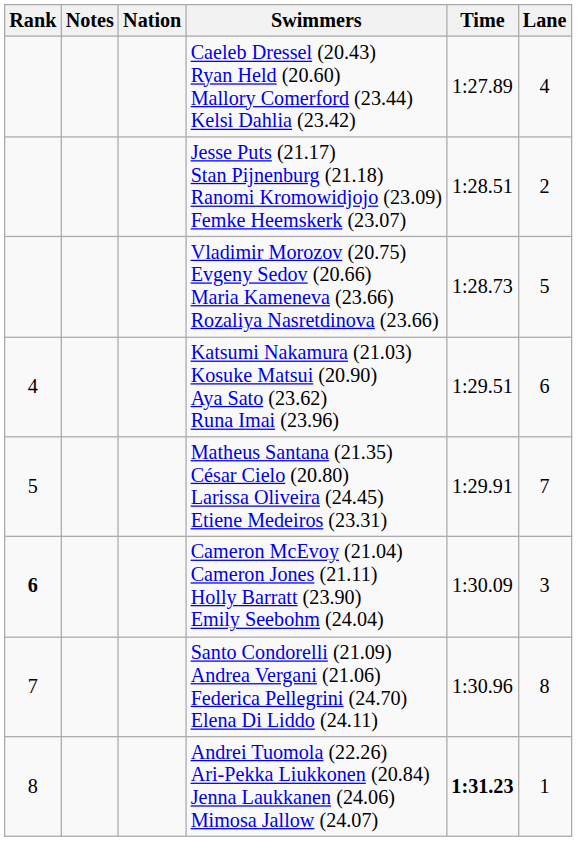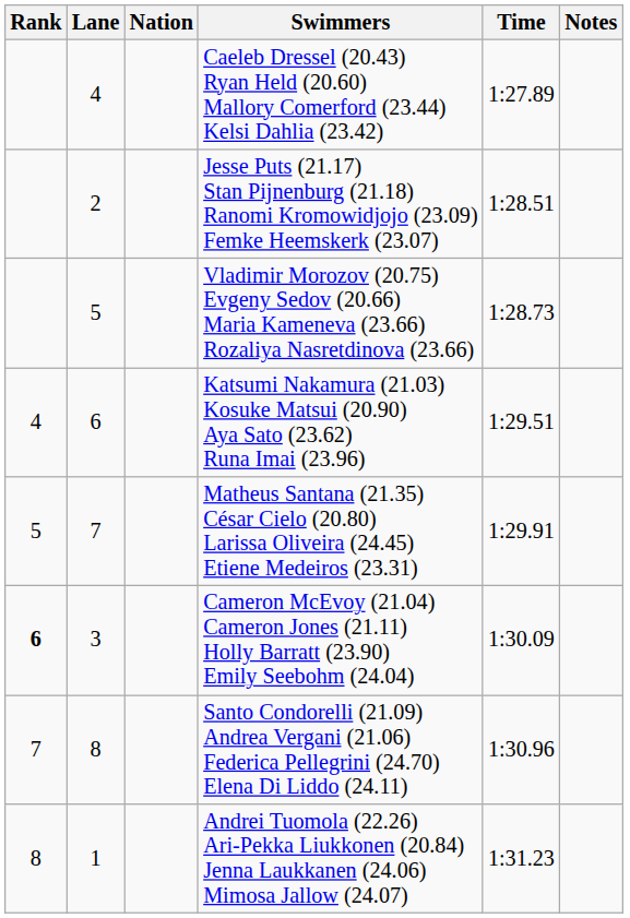 <table class="wikitable sortable" style="text-align:center">
 <tr>
 <th>Rank</th>
-<th>Notes</th>
+<th>Lane</th>
 <th>Nation</th>
 <th>Swimmers</th>
 <th>Time</th>
-<th>Lane</th>
+<th>Notes</th>
 </tr>
 <tr>
 <td></td>
-<td></td>
+<td>4</td>
 <td align=left></td>
 <td align=left><a href='#'>Caeleb Dressel</a> (20.43)<br><a href='#'>Ryan Held</a> (20.60)<br><a href='#'>Mallory Comerford</a> (23.44)<br><a href='#'>Kelsi Dahlia</a> (23.42)</td>
 <td>1:27.89</td>
-<td>4</td>
+<td></td>
 </tr>
 <tr>
 <td></td>
-<td></td>
+<td>2</td>
 <td align=left></td>
 <td align=left><a href='#'>Jesse Puts</a> (21.17)<br><a href='#'>Stan Pijnenburg</a> (21.18)<br><a href='#'>Ranomi Kromowidjojo</a> (23.09)<br><a href='#'>Femke Heemskerk</a> (23.07)</td>
 <td>1:28.51</td>
-<td>2</td>
+<td></td>
 </tr>
 <tr>
 <td></td>
-<td></td>
+<td>5</td>
 <td align=left></td>
 <td align=left><a href='#'>Vladimir Morozov</a> (20.75)<br><a href='#'>Evgeny Sedov</a> (20.66)<br><a href='#'>Maria Kameneva</a> (23.66)<br><a href='#'>Rozaliya Nasretdinova</a> (23.66)</td>
 <td>1:28.73</td>
-<td>5</td>
+<td></td>
 </tr>
 <tr>
 <td>4</td>
-<td></td>
+<td>6</td>
 <td align=left></td>
 <td align=left><a href='#'>Katsumi Nakamura</a> (21.03) <br><a href='#'>Kosuke Matsui</a> (20.90)<br><a href='#'>Aya Sato</a> (23.62)<br><a href='#'>Runa Imai</a> (23.96)</td>
 <td>1:29.51</td>
-<td>6</td>
+<td></td>
 </tr>
 <tr>
 <td>5</td>
-<td></td>
+<td>7</td>
 <td align=left></td>
 <td align=left><a href='#'>Matheus Santana</a> (21.35)<br><a href='#'>César Cielo</a> (20.80)<br><a href='#'>Larissa Oliveira</a> (24.45)<br><a href='#'>Etiene Medeiros</a> (23.31)</td>
 <td>1:29.91</td>
-<td>7</td>
+<td></td>
 </tr>
 <tr>
 <td><strong>6</strong></td>
-<td></td>
+<td>3</td>
 <td align=left></td>
 <td align=left><a href='#'>Cameron McEvoy</a> (21.04)<br><a href='#'>Cameron Jones</a> (21.11)<br><a href='#'>Holly Barratt</a> (23.90)<br><a href='#'>Emily Seebohm</a> (24.04)</td>
 <td>1:30.09</td>
-<td>3</td>
+<td></td>
 </tr>
 <tr>
 <td>7</td>
-<td></td>
+<td>8</td>
 <td align=left></td>
 <td align=left><a href='#'>Santo Condorelli</a> (21.09)<br><a href='#'>Andrea Vergani</a> (21.06)<br><a href='#'>Federica Pellegrini</a> (24.70)<br><a href='#'>Elena Di Liddo</a> (24.11)</td>
 <td>1:30.96</td>
-<td>8</td>
+<td></td>
 </tr>
 <tr>
 <td>8</td>
-<td></td>
+<td>1</td>
 <td align=left></td>
 <td align=left><a href='#'>Andrei Tuomola</a> (22.26)<br><a href='#'>Ari-Pekka Liukkonen</a> (20.84)<br><a href='#'>Jenna Laukkanen</a> (24.06)<br><a href='#'>Mimosa Jallow</a> (24.07)</td>
-<td><strong>1:31.23</strong></td>
-<td>1</td>
+<td>1:31.23</td>
+<td></td>
 </tr>
 </table>
